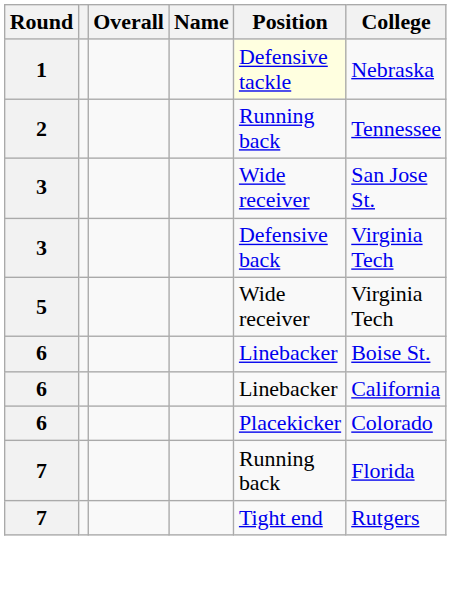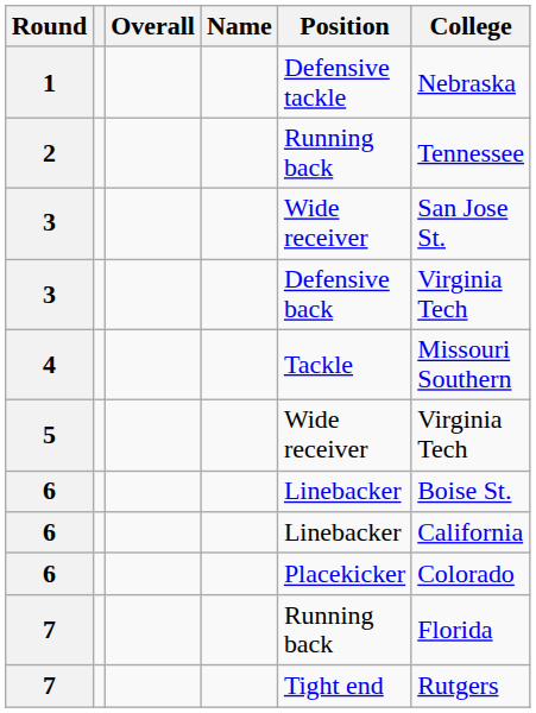 <table class="wikitable sortable" style="width: 50%;">
 <tr>
 <th scope="col" style="width: 10%;">Round</th>
 <th scope="col" style="width: 10%;"></th>
 <th scope="col" style="width: 10%;">Overall</th>
 <th scope="col" style="width: 25%;">Name</th>
 <th scope="col" style="width: 20%;">Position</th>
 <th scope="col" style="width: 25%;">College</th>
 </tr>
 <tr>
 <th scope="row">1</th>
 <td></td>
 <td></td>
 <td></td>
-<td style="background: lightyellow;"><a href='#'>Defensive tackle</a></td>
+<td><a href='#'>Defensive tackle</a></td>
 <td><a href='#'>Nebraska</a></td>
 </tr>
 <tr>
 <th scope="row">2</th>
 <td></td>
 <td></td>
 <td></td>
 <td><a href='#'>Running back</a></td>
 <td><a href='#'>Tennessee</a></td>
 </tr>
 <tr>
 <th scope="row">3</th>
 <td></td>
 <td></td>
 <td></td>
 <td><a href='#'>Wide receiver</a></td>
 <td><a href='#'>San Jose St.</a></td>
 </tr>
 <tr>
 <th scope="row">3</th>
 <td></td>
 <td></td>
 <td></td>
 <td><a href='#'>Defensive back</a></td>
 <td><a href='#'>Virginia Tech</a></td>
+</tr>
+<tr>
+<th scope="row">4</th>
+<td></td>
+<td></td>
+<td></td>
+<td><a href='#'>Tackle</a></td>
+<td><a href='#'>Missouri Southern</a></td>
 </tr>
 <tr>
 <th scope="row">5</th>
 <td></td>
 <td></td>
 <td></td>
 <td>Wide receiver</td>
 <td>Virginia Tech</td>
 </tr>
 <tr>
 <th scope="row">6</th>
 <td></td>
 <td></td>
 <td></td>
 <td><a href='#'>Linebacker</a></td>
 <td><a href='#'>Boise St.</a></td>
 </tr>
 <tr>
 <th scope="row">6</th>
 <td></td>
 <td></td>
 <td></td>
 <td>Linebacker</td>
 <td><a href='#'>California</a></td>
 </tr>
 <tr>
 <th scope="row">6</th>
 <td></td>
 <td></td>
 <td></td>
 <td><a href='#'>Placekicker</a></td>
 <td><a href='#'>Colorado</a></td>
 </tr>
 <tr>
 <th scope="row">7</th>
 <td></td>
 <td></td>
 <td></td>
 <td>Running back</td>
 <td><a href='#'>Florida</a></td>
 </tr>
 <tr>
 <th scope="row">7</th>
 <td></td>
 <td></td>
 <td></td>
 <td><a href='#'>Tight end</a></td>
 <td><a href='#'>Rutgers</a></td>
 </tr>
 </table>
